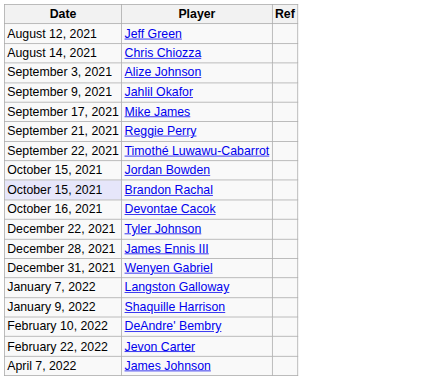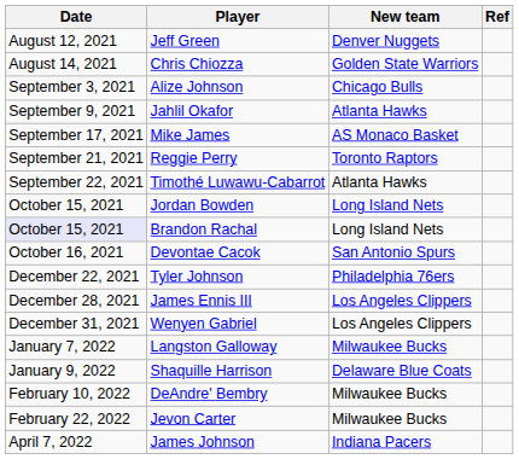 <table class="wikitable" style="text-align:left;">
 <tr>
 <th>Date</th>
 <th>Player</th>
+<th>New team</th>
 <th>Ref</th>
 </tr>
 <tr>
 <td>August 12, 2021</td>
 <td><a href='#'>Jeff Green</a></td>
+<td><a href='#'>Denver Nuggets</a></td>
 <td></td>
 </tr>
 <tr>
 <td>August 14, 2021</td>
 <td><a href='#'>Chris Chiozza</a></td>
+<td><a href='#'>Golden State Warriors</a></td>
 <td></td>
 </tr>
 <tr>
 <td>September 3, 2021</td>
 <td><a href='#'>Alize Johnson</a></td>
+<td><a href='#'>Chicago Bulls</a></td>
 <td></td>
 </tr>
 <tr>
 <td>September 9, 2021</td>
 <td><a href='#'>Jahlil Okafor</a></td>
+<td><a href='#'>Atlanta Hawks</a></td>
 <td></td>
 </tr>
 <tr>
 <td>September 17, 2021</td>
 <td><a href='#'>Mike James</a></td>
+<td><a href='#'>AS Monaco Basket</a></td>
 <td></td>
 </tr>
 <tr>
 <td>September 21, 2021</td>
 <td><a href='#'>Reggie Perry</a></td>
+<td><a href='#'>Toronto Raptors</a></td>
 <td></td>
 </tr>
 <tr>
 <td>September 22, 2021</td>
 <td><a href='#'>Timothé Luwawu-Cabarrot</a></td>
+<td>Atlanta Hawks</td>
 <td></td>
 </tr>
 <tr>
 <td>October 15, 2021</td>
 <td><a href='#'>Jordan Bowden</a></td>
+<td><a href='#'>Long Island Nets</a></td>
 <td></td>
 </tr>
 <tr>
 <td style="background: lavender;">October 15, 2021</td>
 <td><a href='#'>Brandon Rachal</a></td>
+<td>Long Island Nets</td>
 <td></td>
 </tr>
 <tr>
 <td>October 16, 2021</td>
 <td><a href='#'>Devontae Cacok</a></td>
+<td><a href='#'>San Antonio Spurs</a></td>
 <td></td>
 </tr>
 <tr>
 <td>December 22, 2021</td>
 <td><a href='#'>Tyler Johnson</a></td>
+<td><a href='#'>Philadelphia 76ers</a></td>
 <td></td>
 </tr>
 <tr>
 <td>December 28, 2021</td>
 <td><a href='#'>James Ennis III</a></td>
+<td><a href='#'>Los Angeles Clippers</a></td>
 <td></td>
 </tr>
 <tr>
 <td>December 31, 2021</td>
 <td><a href='#'>Wenyen Gabriel</a></td>
+<td>Los Angeles Clippers</td>
 <td></td>
 </tr>
 <tr>
 <td>January 7, 2022</td>
 <td><a href='#'>Langston Galloway</a></td>
+<td><a href='#'>Milwaukee Bucks</a></td>
 <td></td>
 </tr>
 <tr>
 <td>January 9, 2022</td>
 <td><a href='#'>Shaquille Harrison</a></td>
+<td><a href='#'>Delaware Blue Coats</a></td>
 <td></td>
 </tr>
 <tr>
 <td>February 10, 2022</td>
 <td><a href='#'>DeAndre' Bembry</a></td>
+<td>Milwaukee Bucks</td>
 <td></td>
 </tr>
 <tr>
 <td>February 22, 2022</td>
 <td><a href='#'>Jevon Carter</a></td>
+<td>Milwaukee Bucks</td>
 <td></td>
 </tr>
 <tr>
 <td>April 7, 2022</td>
 <td><a href='#'>James Johnson</a></td>
+<td><a href='#'>Indiana Pacers</a></td>
 <td></td>
 </tr>
 </table>
